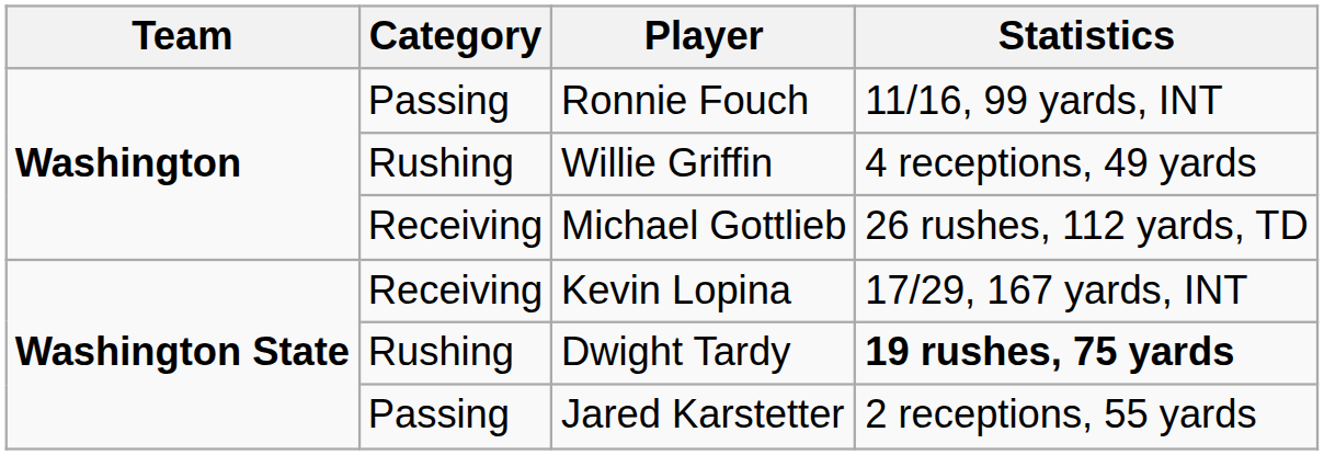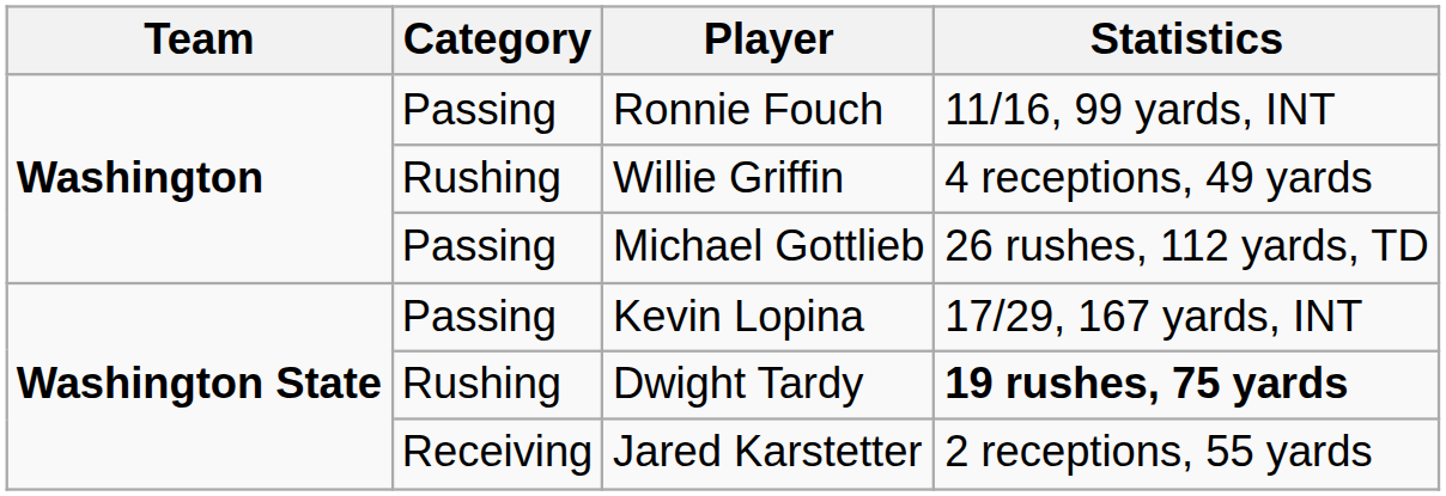 <table class="wikitable" style="float: right;">
 <tr>
 <th>Team</th>
 <th>Category</th>
 <th>Player</th>
 <th>Statistics</th>
 </tr>
 <tr>
 <td rowspan=3><strong>Washington</strong></td>
 <td>Passing</td>
 <td>Ronnie Fouch</td>
 <td>11/16, 99 yards, INT</td>
 </tr>
 <tr>
 <td>Rushing</td>
 <td>Willie Griffin</td>
 <td>4 receptions, 49 yards</td>
 </tr>
 <tr>
-<td>Receiving</td>
+<td>Passing</td>
 <td>Michael Gottlieb</td>
 <td>26 rushes, 112 yards, TD</td>
 </tr>
 <tr>
 <td rowspan=3><strong>Washington State</strong></td>
-<td>Receiving</td>
+<td>Passing</td>
 <td>Kevin Lopina</td>
 <td>17/29, 167 yards, INT</td>
 </tr>
 <tr>
 <td>Rushing</td>
 <td>Dwight Tardy</td>
 <td><strong>19 rushes, 75 yards</strong></td>
 </tr>
 <tr>
-<td>Passing</td>
+<td>Receiving</td>
 <td>Jared Karstetter</td>
 <td>2 receptions, 55 yards</td>
 </tr>
 </table>
